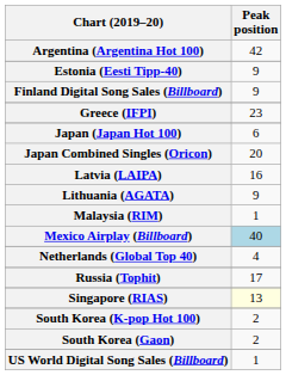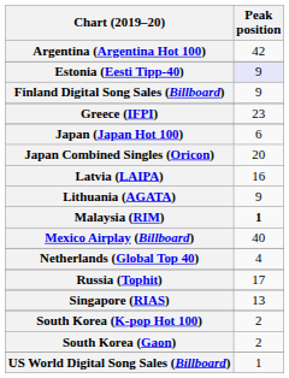 <table class="wikitable sortable plainrowheaders" style="text-align:center">
 <tr>
 <th scope="col">Chart (2019–20)</th>
 <th scope="col">Peak<br>position</th>
 </tr>
 <tr>
 <th scope="row">Argentina (<a href='#'>Argentina Hot 100</a>)</th>
 <td>42</td>
 </tr>
 <tr>
 </tr>
 <tr>
 </tr>
 <tr>
 </tr>
 <tr>
 </tr>
 <tr>
 </tr>
 <tr>
 <th scope="row">Estonia (<a href='#'>Eesti Tipp-40</a>)</th>
-<td>9</td>
+<td style="background: lavender;">9</td>
 </tr>
 <tr>
 <th scope="row">Finland Digital Song Sales (<em><a href='#'>Billboard</a></em>)</th>
 <td>9</td>
 </tr>
 <tr>
 </tr>
 <tr>
 </tr>
 <tr>
 </tr>
 <tr>
 <th scope="row">Greece (<a href='#'>IFPI</a>)</th>
 <td>23</td>
 </tr>
 <tr>
 </tr>
 <tr>
 </tr>
 <tr>
 </tr>
 <tr>
 <th scope="row">Japan (<a href='#'>Japan Hot 100</a>)</th>
 <td>6</td>
 </tr>
 <tr>
 <th scope="row">Japan Combined Singles (<a href='#'>Oricon</a>)</th>
 <td>20</td>
 </tr>
 <tr>
 <th scope="row">Latvia (<a href='#'>LAIPA</a>)</th>
 <td>16</td>
 </tr>
 <tr>
 <th scope="row">Lithuania (<a href='#'>AGATA</a>)</th>
 <td>9</td>
 </tr>
 <tr>
 <th scope="row">Malaysia (<a href='#'>RIM</a>)</th>
-<td>1</td>
+<td><strong>1</strong></td>
 </tr>
 <tr>
 <th scope="row"><a href='#'>Mexico Airplay</a> (<em><a href='#'>Billboard</a></em>)</th>
-<td style="background: lightblue;">40</td>
+<td>40</td>
 </tr>
 <tr>
 </tr>
 <tr>
 <th scope="row">Netherlands (<a href='#'>Global Top 40</a>)</th>
 <td>4</td>
 </tr>
 <tr>
 </tr>
 <tr>
 </tr>
 <tr>
 <th scope="row">Russia (<a href='#'>Tophit</a>)</th>
 <td>17</td>
 </tr>
 <tr>
 </tr>
 <tr>
 <th scope="row">Singapore (<a href='#'>RIAS</a>)</th>
-<td style="background: lightyellow;">13</td>
+<td>13</td>
 </tr>
 <tr>
 </tr>
 <tr>
 <th scope="row">South Korea (<a href='#'>K-pop Hot 100</a>)</th>
 <td>2</td>
 </tr>
 <tr>
 <th scope="row">South Korea (<a href='#'>Gaon</a>)</th>
 <td>2</td>
 </tr>
 <tr>
 </tr>
 <tr>
 </tr>
 <tr>
 </tr>
 <tr>
 </tr>
 <tr>
 </tr>
 <tr>
 <th scope="row">US World Digital Song Sales (<em><a href='#'>Billboard</a></em>)</th>
 <td>1</td>
 </tr>
 </table>
